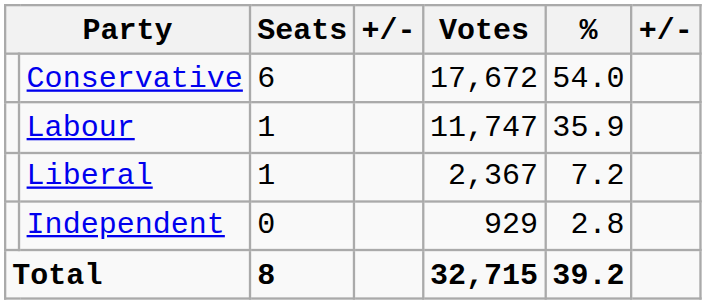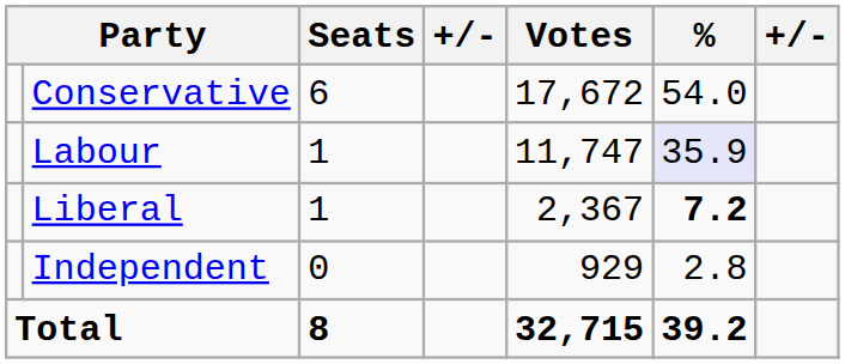 <table class="wikitable sortable">
 <tr>
 <th colspan="2">Party</th>
 <th>Seats</th>
 <th>+/-</th>
 <th>Votes</th>
 <th>%</th>
 <th>+/-</th>
 </tr>
 <tr>
 <td style="background-color: "></td>
 <td><a href='#'>Conservative</a></td>
 <td>6</td>
 <td></td>
 <td style="text-align:right;">17,672</td>
 <td style="text-align:right;">54.0</td>
 <td style="text-align:right;"></td>
 </tr>
 <tr>
 <td style="background-color: "></td>
 <td><a href='#'>Labour</a></td>
 <td>1</td>
 <td></td>
 <td style="text-align:right;">11,747</td>
-<td style="text-align:right;">35.9</td>
+<td style="background: lavender; text-align:right;">35.9</td>
 <td style="text-align:right;"></td>
 </tr>
 <tr>
 <td style="background-color: "></td>
 <td><a href='#'>Liberal</a></td>
 <td>1</td>
 <td></td>
 <td style="text-align:right;">2,367</td>
-<td style="text-align:right;">7.2</td>
+<td style="text-align:right;"><strong>7.2</strong></td>
 <td style="text-align:right;"></td>
 </tr>
 <tr>
 <td style="background-color: "></td>
 <td><a href='#'>Independent</a></td>
 <td>0</td>
 <td></td>
 <td style="text-align:right;">929</td>
 <td style="text-align:right;">2.8</td>
 <td style="text-align:right;"></td>
 </tr>
 <tr>
 <td colspan="2"><strong>Total</strong></td>
 <td><strong>8</strong></td>
 <td></td>
 <td style="text-align:right;"><strong>32,715</strong></td>
 <td style="text-align:right;"><strong>39.2</strong></td>
 <td></td>
 </tr>
 </table>
